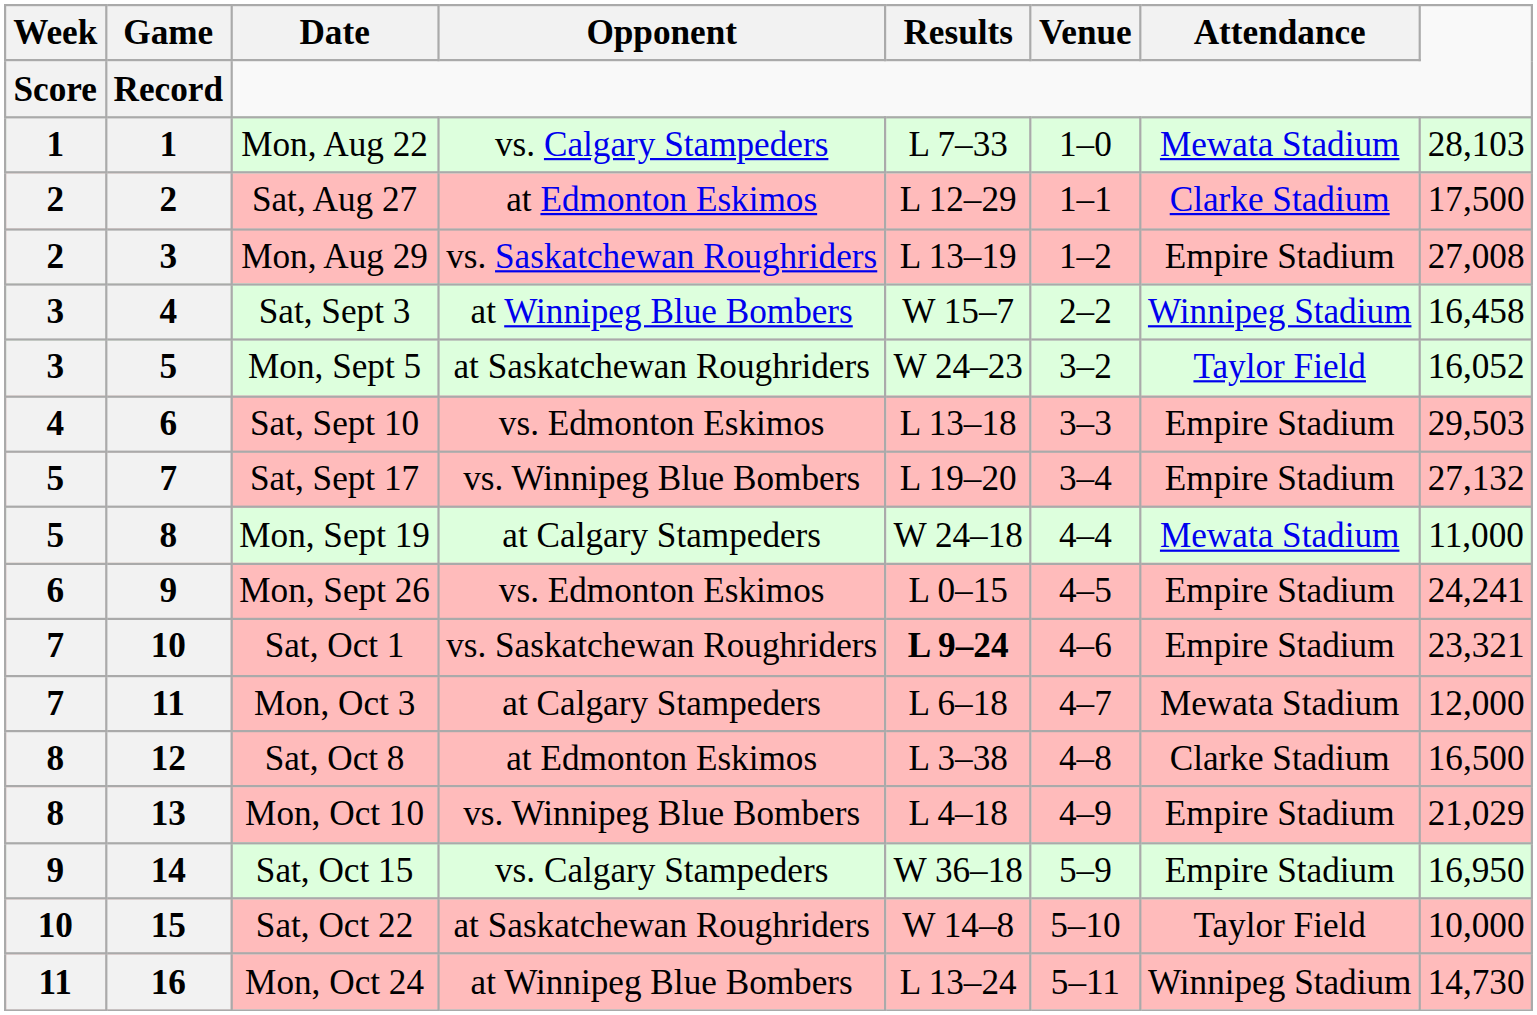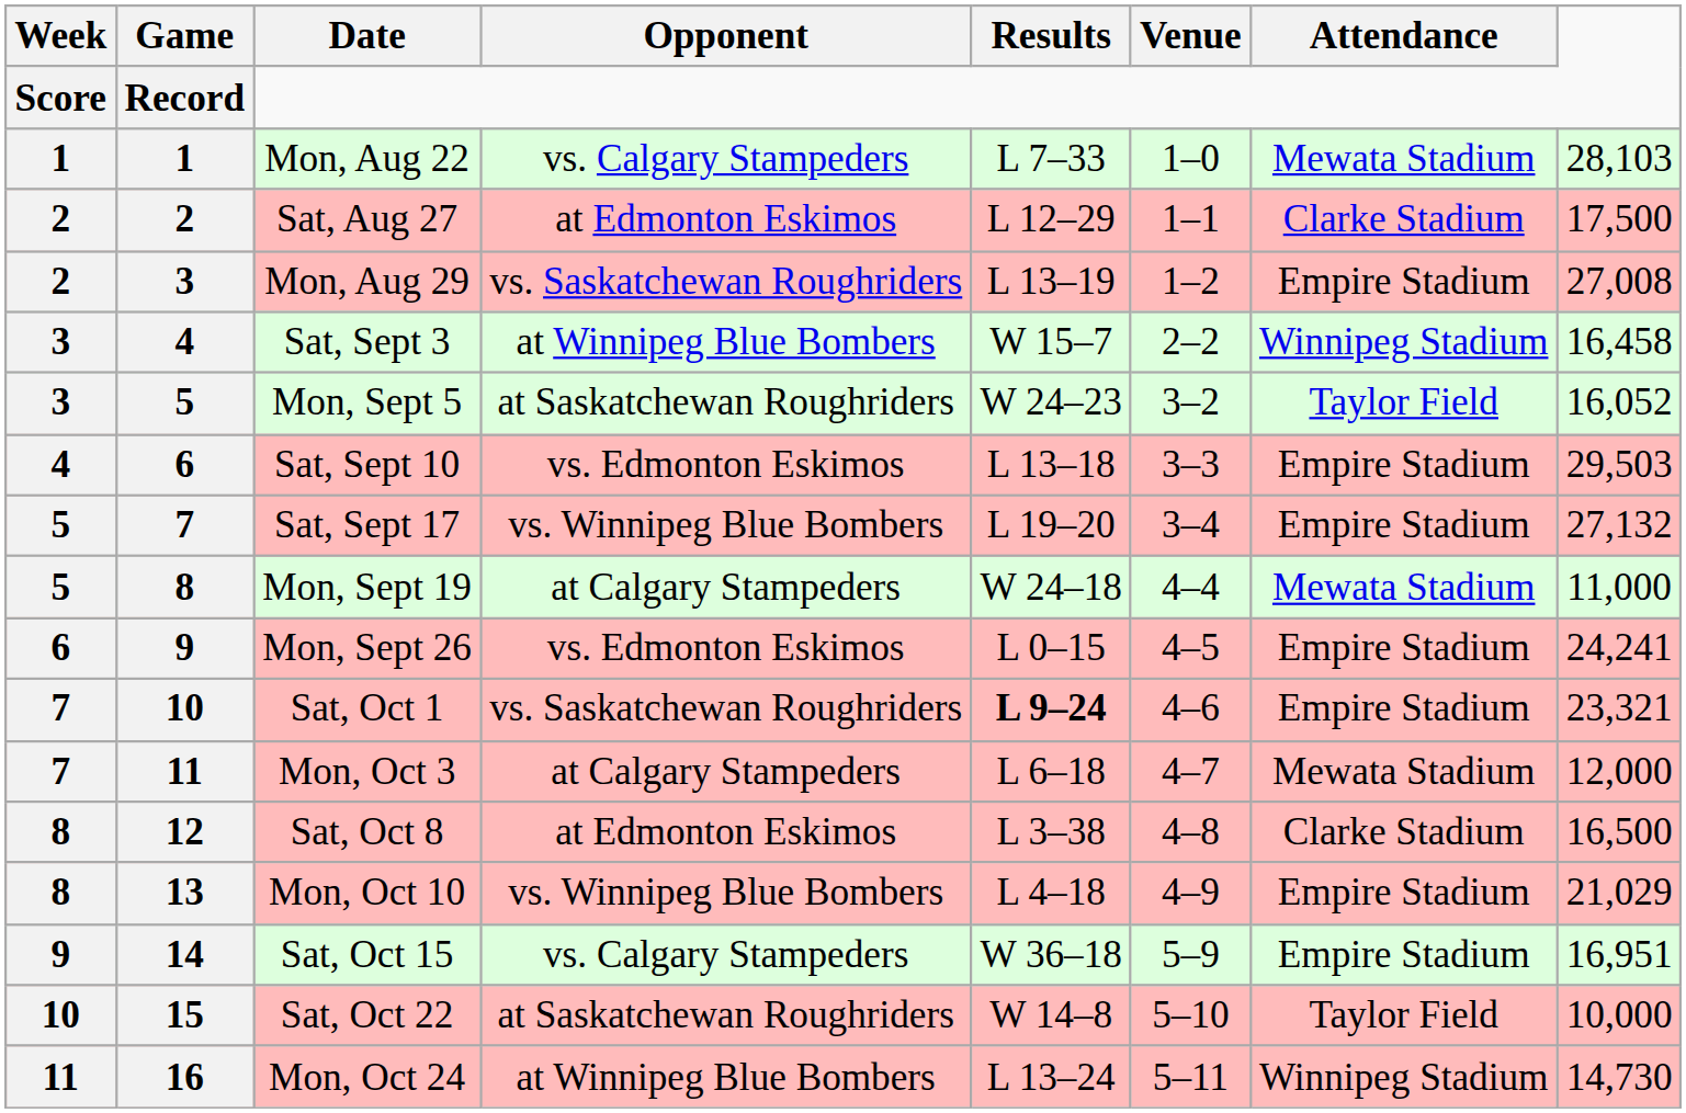 <table class="wikitable" style="text-align:center">
 <tr>
 <th>Week</th>
 <th>Game</th>
 <th>Date</th>
 <th>Opponent</th>
 <th>Results</th>
 <th>Venue</th>
 <th>Attendance</th>
 </tr>
 <tr>
 <th>Score</th>
 <th>Record</th>
 </tr>
 <tr style="background:#ddffdd">
 <th>1</th>
 <th>1</th>
 <td>Mon, Aug 22</td>
 <td>vs. <a href='#'>Calgary Stampeders</a></td>
 <td>L 7–33</td>
 <td>1–0</td>
 <td><a href='#'>Mewata Stadium</a></td>
 <td>28,103</td>
 </tr>
 <tr style="background:#ffbbbb">
 <th>2</th>
 <th>2</th>
 <td>Sat, Aug 27</td>
 <td>at <a href='#'>Edmonton Eskimos</a></td>
 <td>L 12–29</td>
 <td>1–1</td>
 <td><a href='#'>Clarke Stadium</a></td>
 <td>17,500</td>
 </tr>
 <tr style="background:#ffbbbb">
 <th>2</th>
 <th>3</th>
 <td>Mon, Aug 29</td>
 <td>vs. <a href='#'>Saskatchewan Roughriders</a></td>
 <td>L 13–19</td>
 <td>1–2</td>
 <td>Empire Stadium</td>
 <td>27,008</td>
 </tr>
 <tr style="background:#ddffdd">
 <th>3</th>
 <th>4</th>
 <td>Sat, Sept 3</td>
 <td>at <a href='#'>Winnipeg Blue Bombers</a></td>
 <td>W 15–7</td>
 <td>2–2</td>
 <td><a href='#'>Winnipeg Stadium</a></td>
 <td>16,458</td>
 </tr>
 <tr style="background:#ddffdd">
 <th>3</th>
 <th>5</th>
 <td>Mon, Sept 5</td>
 <td>at Saskatchewan Roughriders</td>
 <td>W 24–23</td>
 <td>3–2</td>
 <td><a href='#'>Taylor Field</a></td>
 <td>16,052</td>
 </tr>
 <tr style="background:#ffbbbb">
 <th>4</th>
 <th>6</th>
 <td>Sat, Sept 10</td>
 <td>vs. Edmonton Eskimos</td>
 <td>L 13–18</td>
 <td>3–3</td>
 <td>Empire Stadium</td>
 <td>29,503</td>
 </tr>
 <tr style="background:#ffbbbb">
 <th>5</th>
 <th>7</th>
 <td>Sat, Sept 17</td>
 <td>vs. Winnipeg Blue Bombers</td>
 <td>L 19–20</td>
 <td>3–4</td>
 <td>Empire Stadium</td>
 <td>27,132</td>
 </tr>
 <tr style="background:#ddffdd">
 <th>5</th>
 <th>8</th>
 <td>Mon, Sept 19</td>
 <td>at Calgary Stampeders</td>
 <td>W 24–18</td>
 <td>4–4</td>
 <td><a href='#'>Mewata Stadium</a></td>
 <td>11,000</td>
 </tr>
 <tr style="background:#ffbbbb">
 <th>6</th>
 <th>9</th>
 <td>Mon, Sept 26</td>
 <td>vs. Edmonton Eskimos</td>
 <td>L 0–15</td>
 <td>4–5</td>
 <td>Empire Stadium</td>
 <td>24,241</td>
 </tr>
 <tr style="background:#ffbbbb">
 <th>7</th>
 <th>10</th>
 <td>Sat, Oct 1</td>
 <td>vs. Saskatchewan Roughriders</td>
 <td><strong>L 9–24</strong></td>
 <td>4–6</td>
 <td>Empire Stadium</td>
 <td>23,321</td>
 </tr>
 <tr style="background:#ffbbbb">
 <th>7</th>
 <th>11</th>
 <td>Mon, Oct 3</td>
 <td>at Calgary Stampeders</td>
 <td>L 6–18</td>
 <td>4–7</td>
 <td>Mewata Stadium</td>
 <td>12,000</td>
 </tr>
 <tr style="background:#ffbbbb">
 <th>8</th>
 <th>12</th>
 <td>Sat, Oct 8</td>
 <td>at Edmonton Eskimos</td>
 <td>L 3–38</td>
 <td>4–8</td>
 <td>Clarke Stadium</td>
 <td>16,500</td>
 </tr>
 <tr style="background:#ffbbbb">
 <th>8</th>
 <th>13</th>
 <td>Mon, Oct 10</td>
 <td>vs. Winnipeg Blue Bombers</td>
 <td>L 4–18</td>
 <td>4–9</td>
 <td>Empire Stadium</td>
 <td>21,029</td>
 </tr>
 <tr style="background:#ddffdd">
 <th>9</th>
 <th>14</th>
 <td>Sat, Oct 15</td>
 <td>vs. Calgary Stampeders</td>
 <td>W 36–18</td>
 <td>5–9</td>
 <td>Empire Stadium</td>
-<td>16,950</td>
+<td>16,951</td>
 </tr>
 <tr style="background:#ffbbbb">
 <th>10</th>
 <th>15</th>
 <td>Sat, Oct 22</td>
 <td>at Saskatchewan Roughriders</td>
 <td>W 14–8</td>
 <td>5–10</td>
 <td>Taylor Field</td>
 <td>10,000</td>
 </tr>
 <tr style="background:#ffbbbb">
 <th>11</th>
 <th>16</th>
 <td>Mon, Oct 24</td>
 <td>at Winnipeg Blue Bombers</td>
 <td>L 13–24</td>
 <td>5–11</td>
 <td>Winnipeg Stadium</td>
 <td>14,730</td>
 </tr>
 </table>
